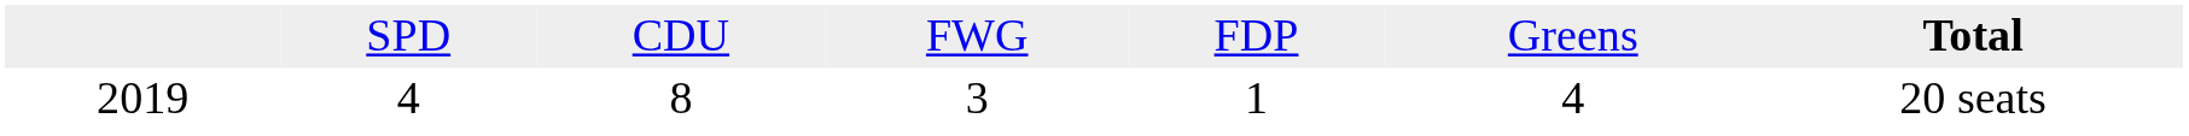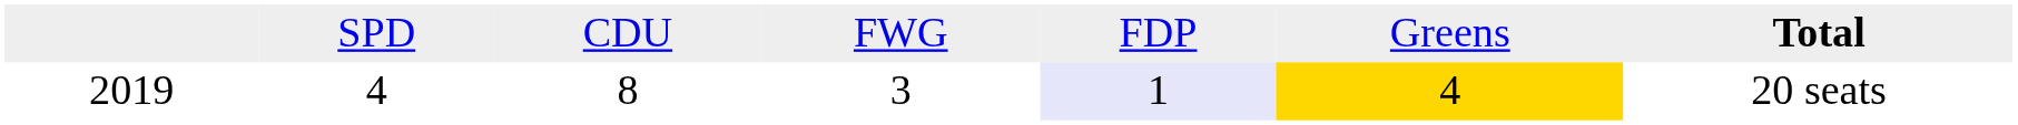 <table border="0" cellpadding="2" cellspacing="0" width="60%">
 <tr bgcolor="#eeeeee" align="center">
 <td></td>
 <td><a href='#'>SPD</a></td>
 <td><a href='#'>CDU</a></td>
 <td><a href='#'>FWG</a></td>
 <td><a href='#'>FDP</a></td>
 <td><a href='#'>Greens</a></td>
 <td><strong>Total</strong></td>
 </tr>
 <tr align="center">
 <td>2019</td>
 <td>4</td>
 <td>8</td>
 <td>3</td>
-<td>1</td>
-<td>4</td>
+<td style="background: lavender;">1</td>
+<td style="background: gold;">4</td>
 <td>20 seats</td>
 </tr>
 </table>
